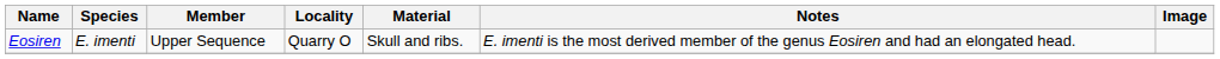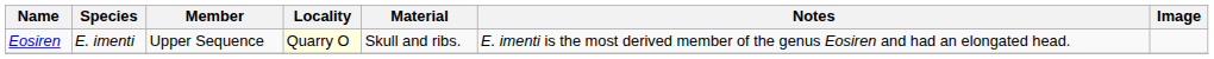 <table class="wikitable" align="center" width="100%">
 <tr>
 <th>Name</th>
 <th>Species</th>
 <th>Member</th>
 <th>Locality</th>
 <th>Material</th>
 <th>Notes</th>
 <th>Image</th>
 </tr>
 <tr>
 <td><em><a href='#'>Eosiren</a></em></td>
 <td><em>E. imenti</em></td>
 <td>Upper Sequence</td>
-<td>Quarry O</td>
+<td style="background: lightyellow;">Quarry O</td>
 <td>Skull and ribs.</td>
 <td><em>E. imenti</em> is the most derived member of the genus <em>Eosiren</em> and had an elongated head.</td>
 <td></td>
 </tr>
 <tr>
 </tr>
 </table>
